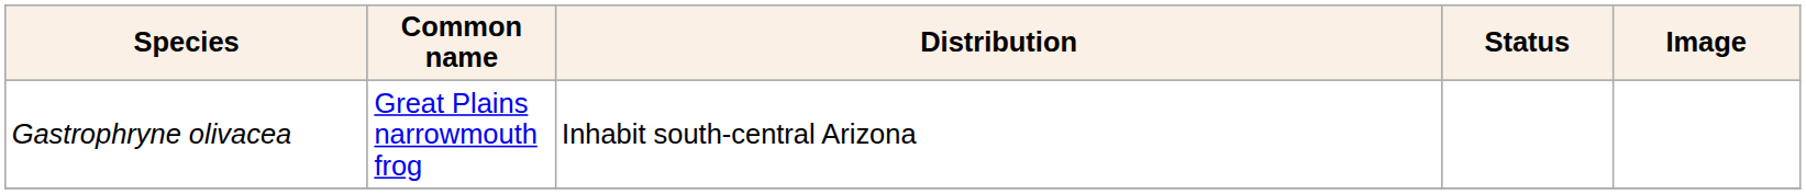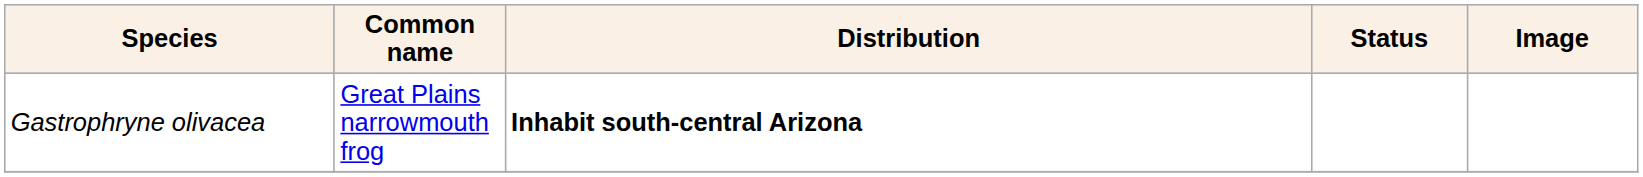 <table class="sortable wikitable plainrowheaders" border="0" style="background:#ffffff" align="top" class="sortable wikitable">
 <tr ->
 <th scope="col" style="background-color:Linen; color:Black" width=200 px>Species</th>
 <th scope="col" style="background-color:Linen; color:Black" width=100 px>Common name</th>
 <th scope="col" style="background:Linen; color:Black" width=500 px>Distribution</th>
 <th scope="col" style="background-color:Linen; color:Black" width=90 px>Status</th>
 <th scope="col" style="background:Linen; color:Black" width=100 px>Image</th>
 </tr>
 <tr>
 <td !scope="row" style="background:#ffffff"><em>Gastrophryne olivacea</em></td>
 <td><a href='#'>Great Plains narrowmouth frog</a></td>
-<td>Inhabit south-central Arizona</td>
+<td><strong>Inhabit south-central Arizona</strong></td>
 <td></td>
 <td></td>
 </tr>
 <tr>
 </tr>
 </table>
